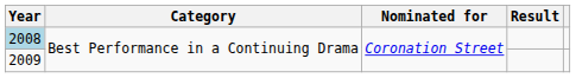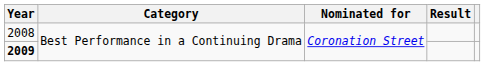 <table class="wikitable plainrowheaders">
 <tr>
 <th scope="col">Year</th>
 <th scope="col">Category</th>
 <th scope="col">Nominated for</th>
 <th scope="col">Result</th>
 <th scope="col"></th>
 </tr>
 <tr>
-<td align="center" style="background: lightblue;">2008</td>
+<td align="center">2008</td>
 <td rowspan = "2">Best Performance in a Continuing Drama</td>
 <td rowspan = "2"><em><a href='#'>Coronation Street</a></em></td>
 <td></td>
 <td></td>
 </tr>
 <tr>
-<td align="center">2009</td>
+<td align="center"><strong>2009</strong></td>
 <td></td>
 <td></td>
 </tr>
 </table>
